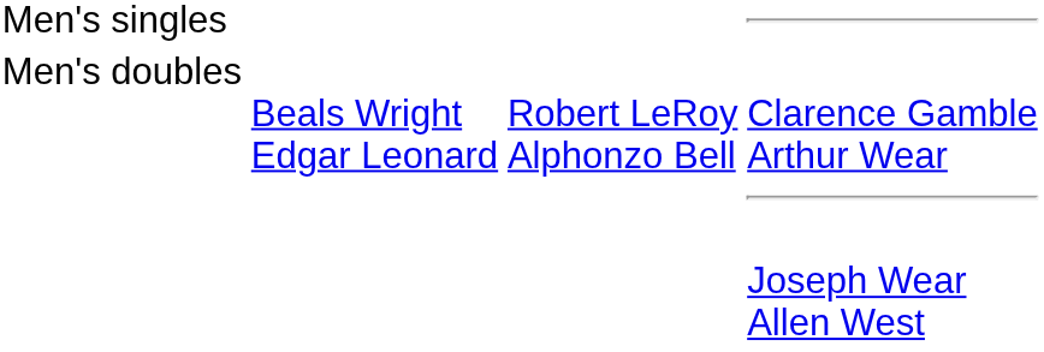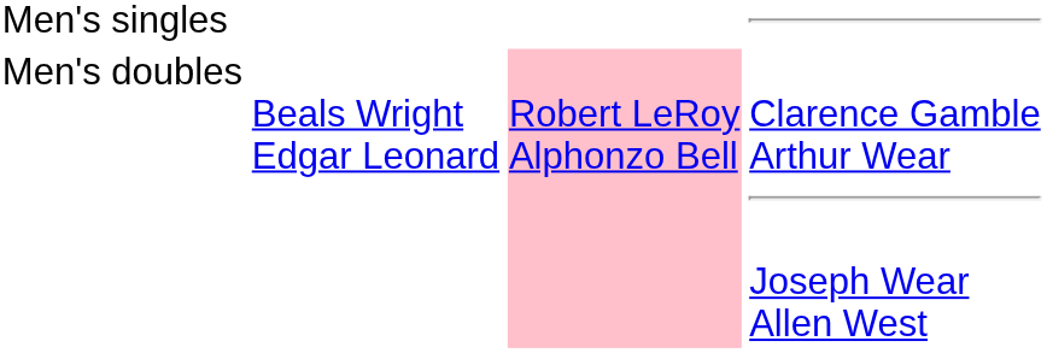 <table>
 <tr valign="top">
 <td>Men's singles<br></td>
 <td></td>
 <td></td>
 <td> <hr> </td>
 </tr>
 <tr valign="top">
 <td>Men's doubles<br></td>
 <td><br><a href='#'>Beals Wright</a><br><a href='#'>Edgar Leonard</a></td>
-<td><br><a href='#'>Robert LeRoy</a><br><a href='#'>Alphonzo Bell</a></td>
+<td style="background: pink;"><br><a href='#'>Robert LeRoy</a><br><a href='#'>Alphonzo Bell</a></td>
 <td><br><a href='#'>Clarence Gamble</a><br><a href='#'>Arthur Wear</a> <hr> <br><a href='#'>Joseph Wear</a><br><a href='#'>Allen West</a></td>
 </tr>
 </table>
